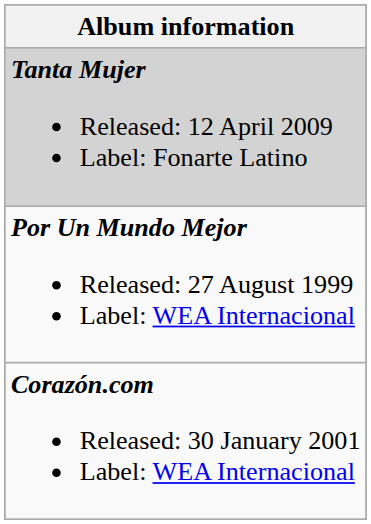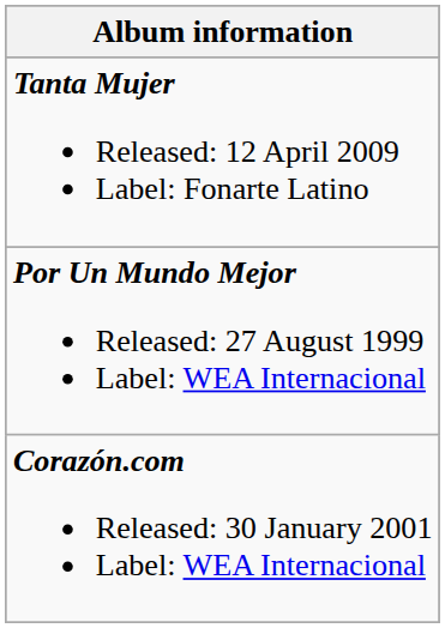 <table class="wikitable" style="font-size: 95%;">
 <tr>
 <th>Album information</th>
 </tr>
 <tr>
-<td align="left" style="background: lightgrey;"><strong><em>Tanta Mujer</em></strong><br><ul><li>Released: 12 April 2009</li><li>Label: Fonarte Latino</li></ul></td>
+<td align="left"><strong><em>Tanta Mujer</em></strong><br><ul><li>Released: 12 April 2009</li><li>Label: Fonarte Latino</li></ul></td>
 </tr>
 <tr>
 <td align="left"><strong><em>Por Un Mundo Mejor</em></strong><br><ul><li>Released: 27 August 1999</li><li>Label: <a href='#'>WEA Internacional</a></li></ul></td>
 </tr>
 <tr>
 <td align="left"><strong><em>Corazón.com</em></strong><br><ul><li>Released: 30 January 2001</li><li>Label: <a href='#'>WEA Internacional</a></li></ul></td>
 </tr>
 </table>
